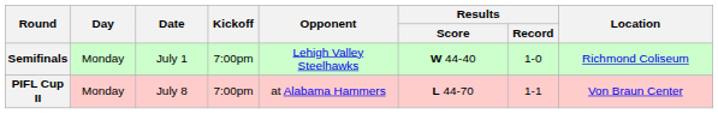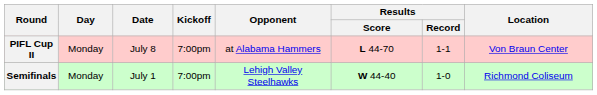 <table class="wikitable">
 <tr>
 <th rowspan="2" width="40">Round</th>
 <th rowspan="2" width="80">Day</th>
 <th rowspan="2" width="90">Date</th>
 <th rowspan="2" width="60">Kickoff</th>
 <th rowspan="2" width="180">Opponent</th>
 <th colspan="2" width="200">Results</th>
 <th rowspan="2" width="200">Location</th>
 </tr>
 <tr>
 <th width="140">Score</th>
 <th width="60">Record</th>
 </tr>
+<tr align="center" bgcolor="#FFCCCC">
+<th>PIFL Cup II</th>
+<td>Monday</td>
+<td>July 8</td>
+<td>7:00pm</td>
+<td>at <a href='#'>Alabama Hammers</a></td>
+<td><strong>L</strong> 44-70</td>
+<td>1-1</td>
+<td><a href='#'>Von Braun Center</a></td>
+</tr>
 <tr align="center" bgcolor="#CCFFCC">
 <th>Semifinals</th>
 <td>Monday</td>
 <td>July 1</td>
 <td>7:00pm</td>
 <td><a href='#'>Lehigh Valley Steelhawks</a></td>
 <td><strong>W</strong> 44-40</td>
 <td>1-0</td>
 <td><a href='#'>Richmond Coliseum</a></td>
 </tr>
-<tr align="center" bgcolor="#FFCCCC">
-<th>PIFL Cup II</th>
-<td>Monday</td>
-<td>July 8</td>
-<td>7:00pm</td>
-<td>at <a href='#'>Alabama Hammers</a></td>
-<td><strong>L</strong> 44-70</td>
-<td>1-1</td>
-<td><a href='#'>Von Braun Center</a></td>
-</tr>
 </table>
